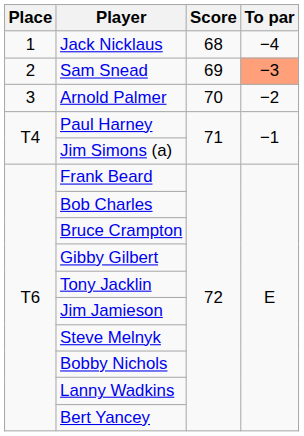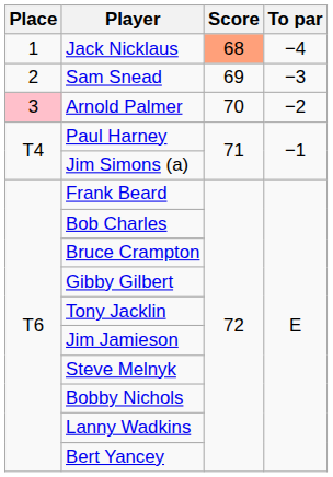 <table class="wikitable">
 <tr>
 <th>Place</th>
 <th>Player</th>
 <th>Score</th>
 <th>To par</th>
 </tr>
 <tr>
 <td align="center">1</td>
 <td> <a href='#'>Jack Nicklaus</a></td>
-<td align="center">68</td>
+<td align="center" style="background: lightsalmon;">68</td>
 <td align="center">−4</td>
 </tr>
 <tr>
 <td align="center">2</td>
 <td> <a href='#'>Sam Snead</a></td>
 <td align="center">69</td>
-<td align="center" style="background: lightsalmon;">−3</td>
+<td align="center">−3</td>
 </tr>
 <tr>
-<td align="center">3</td>
+<td align="center" style="background: pink;">3</td>
 <td> <a href='#'>Arnold Palmer</a></td>
 <td align="center">70</td>
 <td align="center">−2</td>
 </tr>
 <tr>
 <td rowspan=2 align="center">T4</td>
 <td> <a href='#'>Paul Harney</a></td>
 <td rowspan=2 align="center">71</td>
 <td rowspan=2 align="center">−1</td>
 </tr>
 <tr>
 <td> <a href='#'>Jim Simons</a> (a)</td>
 </tr>
 <tr>
 <td rowspan=10 align="center">T6</td>
 <td> <a href='#'>Frank Beard</a></td>
 <td rowspan=10 align="center">72</td>
 <td rowspan=10 align="center">E</td>
 </tr>
 <tr>
 <td> <a href='#'>Bob Charles</a></td>
 </tr>
 <tr>
 <td> <a href='#'>Bruce Crampton</a></td>
 </tr>
 <tr>
 <td> <a href='#'>Gibby Gilbert</a></td>
 </tr>
 <tr>
 <td> <a href='#'>Tony Jacklin</a></td>
 </tr>
 <tr>
 <td> <a href='#'>Jim Jamieson</a></td>
 </tr>
 <tr>
 <td> <a href='#'>Steve Melnyk</a></td>
 </tr>
 <tr>
 <td> <a href='#'>Bobby Nichols</a></td>
 </tr>
 <tr>
 <td> <a href='#'>Lanny Wadkins</a></td>
 </tr>
 <tr>
 <td> <a href='#'>Bert Yancey</a></td>
 </tr>
 </table>
